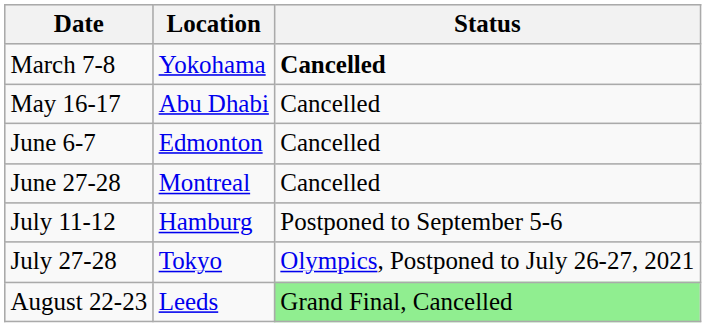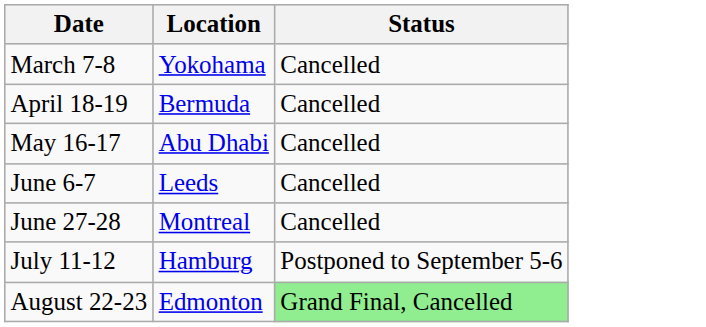 <table class="wikitable “wikitable”" style="“display:inline-table;”">
 <tr>
 <th>Date</th>
 <th>Location</th>
 <th>Status</th>
 </tr>
 <tr>
 <td>March 7-8</td>
 <td> <a href='#'>Yokohama</a></td>
-<td><strong>Cancelled</strong></td>
+<td>Cancelled</td>
+</tr>
+<tr>
+<td>April 18-19</td>
+<td> <a href='#'>Bermuda</a></td>
+<td>Cancelled</td>
 </tr>
 <tr>
 <td>May 16-17</td>
 <td> <a href='#'>Abu Dhabi</a></td>
 <td>Cancelled</td>
 </tr>
 <tr>
 <td>June 6-7</td>
-<td> <a href='#'>Edmonton</a></td>
+<td> <a href='#'>Leeds</a></td>
 <td>Cancelled</td>
 </tr>
 <tr>
 <td>June 27-28</td>
 <td> <a href='#'>Montreal</a></td>
 <td>Cancelled</td>
 </tr>
 <tr>
 <td>July 11-12</td>
 <td> <a href='#'>Hamburg</a></td>
 <td>Postponed to September 5-6</td>
 </tr>
 <tr>
-<td>July 27-28</td>
-<td> <a href='#'>Tokyo</a></td>
-<td><a href='#'>Olympics</a>, Postponed to July 26-27, 2021</td>
-</tr>
-<tr>
 <td>August 22-23</td>
-<td> <a href='#'>Leeds</a></td>
+<td> <a href='#'>Edmonton</a></td>
 <td style="background: lightgreen;">Grand Final, Cancelled</td>
 </tr>
 </table>
